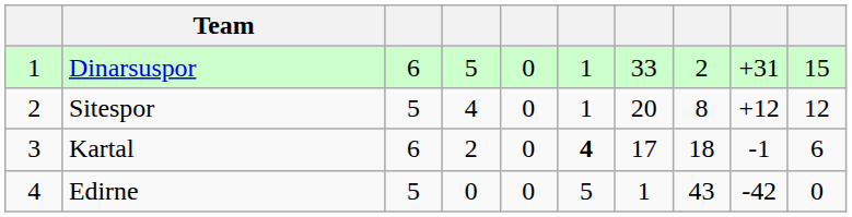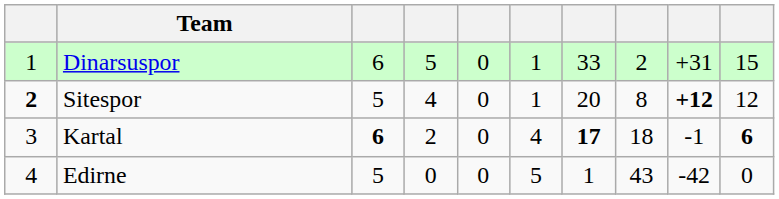 <table class=wikitable>
 <tr>
 <th width=28></th>
 <th width=190>Team</th>
 <th width=28></th>
 <th width=28></th>
 <th width=28></th>
 <th width=28></th>
 <th width=28></th>
 <th width=28></th>
 <th width=28></th>
 <th width=28></th>
 </tr>
 <tr align=center bgcolor=#cfc>
 <td>1</td>
 <td align=left><a href='#'>Dinarsuspor</a></td>
 <td>6</td>
 <td>5</td>
 <td>0</td>
 <td>1</td>
 <td>33</td>
 <td>2</td>
 <td>+31</td>
 <td>15</td>
 </tr>
 <tr align=center>
-<td>2</td>
+<td><strong>2</strong></td>
 <td align=left>Sitespor</td>
 <td>5</td>
 <td>4</td>
 <td>0</td>
 <td>1</td>
 <td>20</td>
 <td>8</td>
-<td>+12</td>
+<td><strong>+12</strong></td>
 <td>12</td>
 </tr>
 <tr align=center>
 <td>3</td>
 <td align=left>Kartal</td>
-<td>6</td>
+<td><strong>6</strong></td>
 <td>2</td>
 <td>0</td>
-<td><strong>4</strong></td>
-<td>17</td>
+<td>4</td>
+<td><strong>17</strong></td>
 <td>18</td>
 <td>-1</td>
-<td>6</td>
+<td><strong>6</strong></td>
 </tr>
 <tr align=center>
 <td>4</td>
 <td align=left>Edirne</td>
 <td>5</td>
 <td>0</td>
 <td>0</td>
 <td>5</td>
 <td>1</td>
 <td>43</td>
 <td>-42</td>
 <td>0</td>
 </tr>
 </table>
